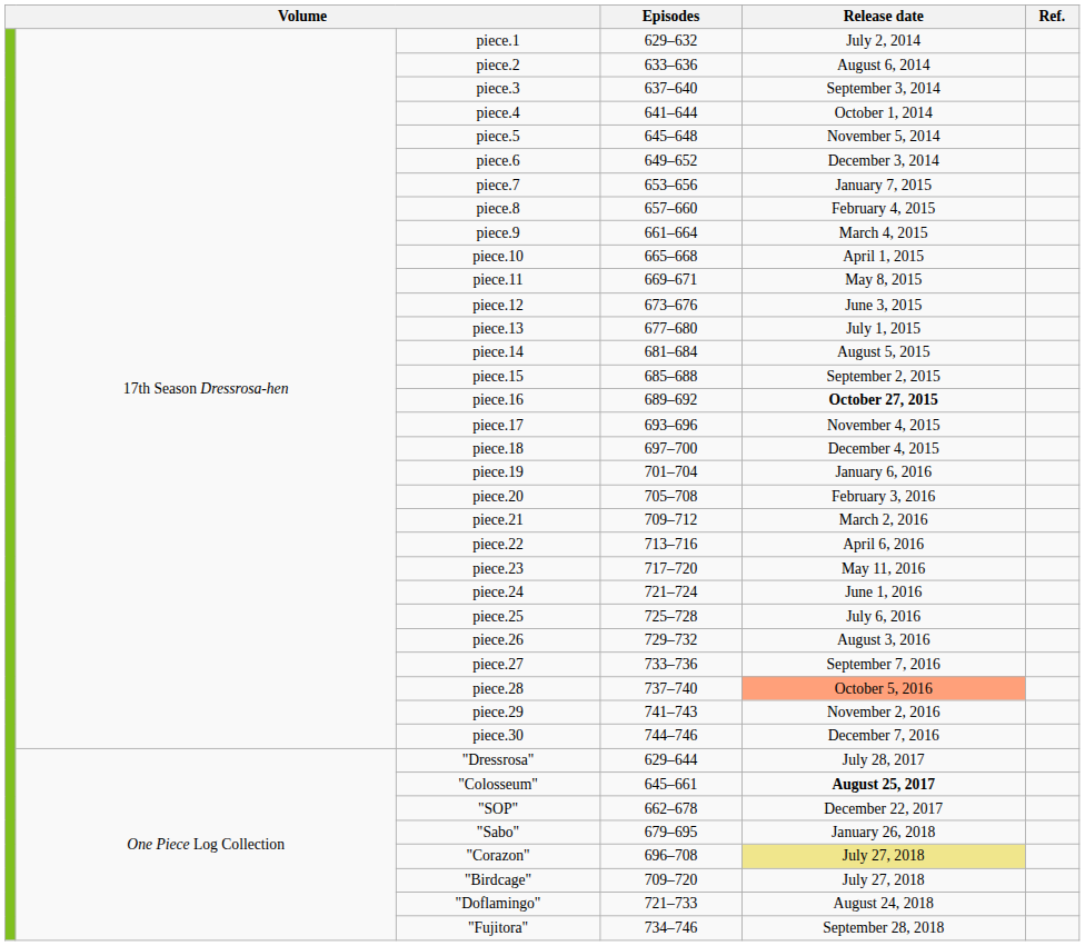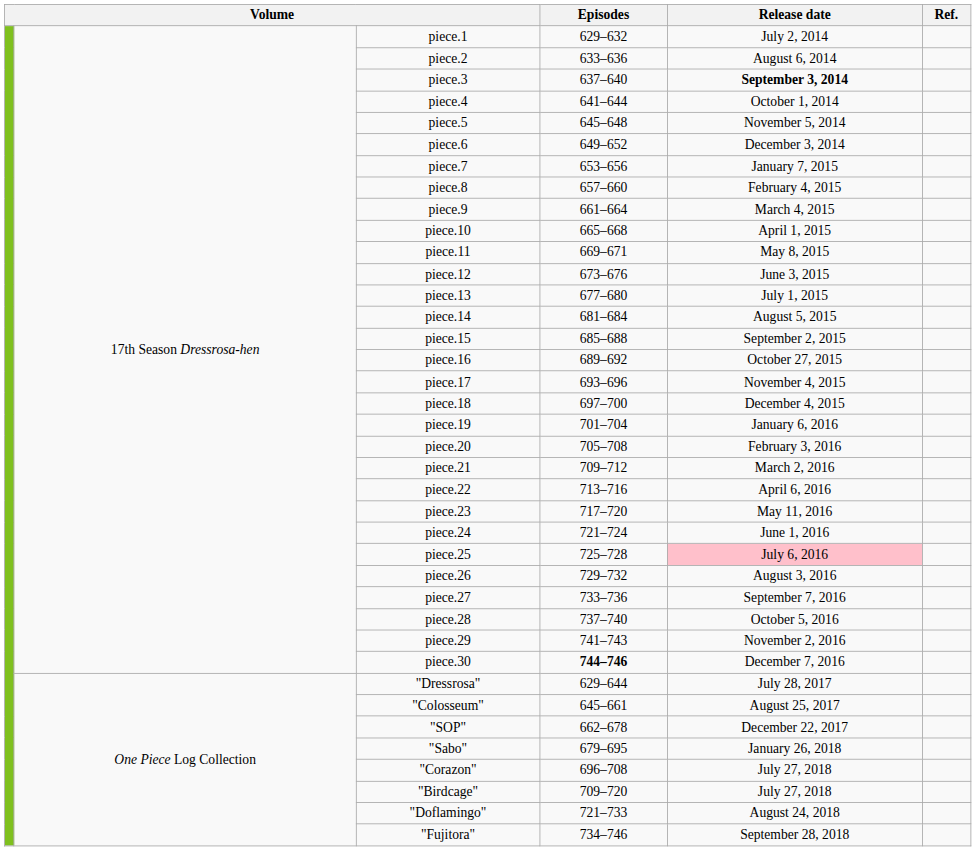 <table class="wikitable" style="text-align: center; width: 90%;">
 <tr>
 <th colspan="3">Volume</th>
 <th>Episodes</th>
 <th>Release date</th>
 <th style="width:5%;">Ref.</th>
 </tr>
 <tr>
 <td rowspan="120"  style="width:1%; background:#7FC01E;"></td>
 <td rowspan="30">17th Season <em>Dressrosa-hen</em></td>
 <td>piece.1</td>
 <td>629–632</td>
 <td>July 2, 2014</td>
 <td></td>
 </tr>
 <tr>
 <td>piece.2</td>
 <td>633–636</td>
 <td>August 6, 2014</td>
 <td></td>
 </tr>
 <tr>
 <td>piece.3</td>
 <td>637–640</td>
-<td>September 3, 2014</td>
+<td><strong>September 3, 2014</strong></td>
 <td></td>
 </tr>
 <tr>
 <td>piece.4</td>
 <td>641–644</td>
 <td>October 1, 2014</td>
 <td></td>
 </tr>
 <tr>
 <td>piece.5</td>
 <td>645–648</td>
 <td>November 5, 2014</td>
 <td></td>
 </tr>
 <tr>
 <td>piece.6</td>
 <td>649–652</td>
 <td>December 3, 2014</td>
 <td></td>
 </tr>
 <tr>
 <td>piece.7</td>
 <td>653–656</td>
 <td>January 7, 2015</td>
 <td></td>
 </tr>
 <tr>
 <td>piece.8</td>
 <td>657–660</td>
 <td>February 4, 2015</td>
 <td></td>
 </tr>
 <tr>
 <td>piece.9</td>
 <td>661–664</td>
 <td>March 4, 2015</td>
 <td></td>
 </tr>
 <tr>
 <td>piece.10</td>
 <td>665–668</td>
 <td>April 1, 2015</td>
 <td></td>
 </tr>
 <tr>
 <td>piece.11</td>
 <td>669–671</td>
 <td>May 8, 2015</td>
 <td></td>
 </tr>
 <tr>
 <td>piece.12</td>
 <td>673–676</td>
 <td>June 3, 2015</td>
 <td></td>
 </tr>
 <tr>
 <td>piece.13</td>
 <td>677–680</td>
 <td>July 1, 2015</td>
 <td></td>
 </tr>
 <tr>
 <td>piece.14</td>
 <td>681–684</td>
 <td>August 5, 2015</td>
 <td></td>
 </tr>
 <tr>
 <td>piece.15</td>
 <td>685–688</td>
 <td>September 2, 2015</td>
 <td></td>
 </tr>
 <tr>
 <td>piece.16</td>
 <td>689–692</td>
-<td><strong>October 27, 2015</strong></td>
+<td>October 27, 2015</td>
 <td></td>
 </tr>
 <tr>
 <td>piece.17</td>
 <td>693–696</td>
 <td>November 4, 2015</td>
 <td></td>
 </tr>
 <tr>
 <td>piece.18</td>
 <td>697–700</td>
 <td>December 4, 2015</td>
 <td></td>
 </tr>
 <tr>
 <td>piece.19</td>
 <td>701–704</td>
 <td>January 6, 2016</td>
 <td></td>
 </tr>
 <tr>
 <td>piece.20</td>
 <td>705–708</td>
 <td>February 3, 2016</td>
 <td></td>
 </tr>
 <tr>
 <td>piece.21</td>
 <td>709–712</td>
 <td>March 2, 2016</td>
 <td></td>
 </tr>
 <tr>
 <td>piece.22</td>
 <td>713–716</td>
 <td>April 6, 2016</td>
 <td></td>
 </tr>
 <tr>
 <td>piece.23</td>
 <td>717–720</td>
 <td>May 11, 2016</td>
 <td></td>
 </tr>
 <tr>
 <td>piece.24</td>
 <td>721–724</td>
 <td>June 1, 2016</td>
 <td></td>
 </tr>
 <tr>
 <td>piece.25</td>
 <td>725–728</td>
-<td>July 6, 2016</td>
+<td style="background: pink;">July 6, 2016</td>
 <td></td>
 </tr>
 <tr>
 <td>piece.26</td>
 <td>729–732</td>
 <td>August 3, 2016</td>
 <td></td>
 </tr>
 <tr>
 <td>piece.27</td>
 <td>733–736</td>
 <td>September 7, 2016</td>
 <td></td>
 </tr>
 <tr>
 <td>piece.28</td>
 <td>737–740</td>
-<td style="background: lightsalmon;">October 5, 2016</td>
+<td>October 5, 2016</td>
 <td></td>
 </tr>
 <tr>
 <td>piece.29</td>
 <td>741–743</td>
 <td>November 2, 2016</td>
 <td></td>
 </tr>
 <tr>
 <td>piece.30</td>
-<td>744–746</td>
+<td><strong>744–746</strong></td>
 <td>December 7, 2016</td>
 <td></td>
 </tr>
 <tr>
 <td rowspan="8"><em>One Piece</em> Log Collection</td>
 <td>"Dressrosa"</td>
 <td>629–644</td>
 <td>July 28, 2017</td>
 <td></td>
 </tr>
 <tr>
 <td>"Colosseum"</td>
 <td>645–661</td>
-<td><strong>August 25, 2017</strong></td>
+<td>August 25, 2017</td>
 <td></td>
 </tr>
 <tr>
 <td>"SOP"</td>
 <td>662–678</td>
 <td>December 22, 2017</td>
 <td></td>
 </tr>
 <tr>
 <td>"Sabo"</td>
 <td>679–695</td>
 <td>January 26, 2018</td>
 <td></td>
 </tr>
 <tr>
 <td>"Corazon"</td>
 <td>696–708</td>
-<td style="background: khaki;">July 27, 2018</td>
+<td>July 27, 2018</td>
 <td></td>
 </tr>
 <tr>
 <td>"Birdcage"</td>
 <td>709–720</td>
 <td>July 27, 2018</td>
 <td></td>
 </tr>
 <tr>
 <td>"Doflamingo"</td>
 <td>721–733</td>
 <td>August 24, 2018</td>
 <td></td>
 </tr>
 <tr>
 <td>"Fujitora"</td>
 <td>734–746</td>
 <td>September 28, 2018</td>
 <td></td>
 </tr>
 </table>
